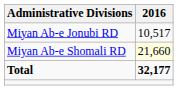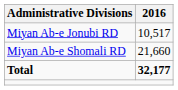 <table class="wikitable">
 <tr>
 <th>Administrative Divisions</th>
 <th>2016</th>
 </tr>
 <tr>
 <td><a href='#'>Miyan Ab-e Jonubi RD</a></td>
 <td style="text-align: right;">10,517</td>
 </tr>
 <tr>
 <td><a href='#'>Miyan Ab-e Shomali RD</a></td>
-<td style="background: lightyellow; text-align: right;">21,660</td>
+<td style="text-align: right;">21,660</td>
 </tr>
 <tr>
 <td><strong>Total</strong></td>
 <td style="text-align: right;"><strong>32,177</strong></td>
 </tr>
 <tr>
 <td colspan=2></td>
 </tr>
 </table>
